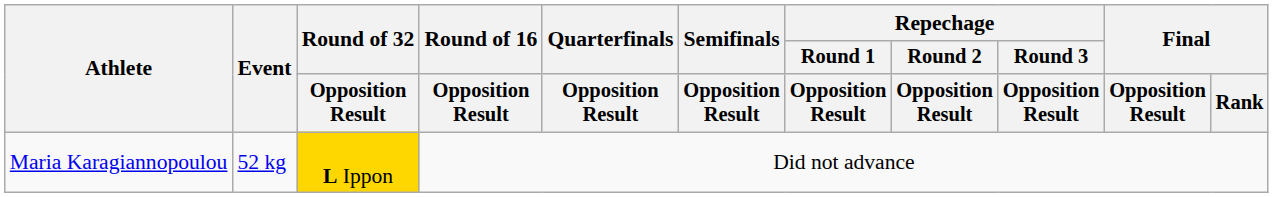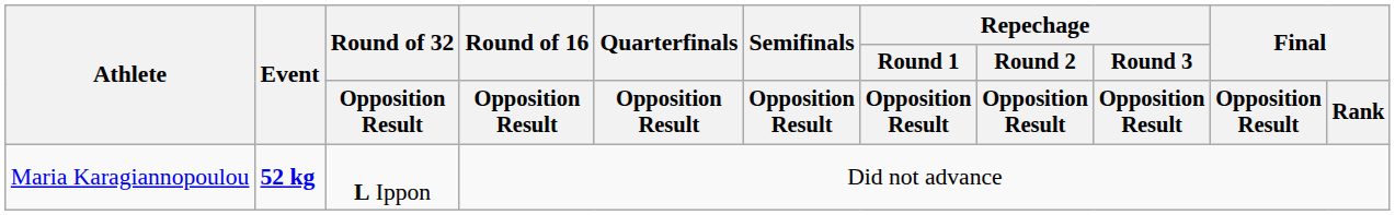 <table class="wikitable" style="font-size:90%">
 <tr>
 <th rowspan="3">Athlete</th>
 <th rowspan="3">Event</th>
 <th rowspan="2">Round of 32</th>
 <th rowspan="2">Round of 16</th>
 <th rowspan="2">Quarterfinals</th>
 <th rowspan="2">Semifinals</th>
 <th colspan=3>Repechage</th>
 <th rowspan="2" colspan=2>Final</th>
 </tr>
 <tr style="font-size:95%">
 <th>Round 1</th>
 <th>Round 2</th>
 <th>Round 3</th>
 </tr>
 <tr style="font-size:95%">
 <th>Opposition<br>Result</th>
 <th>Opposition<br>Result</th>
 <th>Opposition<br>Result</th>
 <th>Opposition<br>Result</th>
 <th>Opposition<br>Result</th>
 <th>Opposition<br>Result</th>
 <th>Opposition<br>Result</th>
 <th>Opposition<br>Result</th>
 <th>Rank</th>
 </tr>
 <tr align=center>
 <td align=left><a href='#'>Maria Karagiannopoulou</a></td>
-<td align=left><a href='#'>52 kg</a></td>
-<td style="background: gold;"><br><strong>L</strong> Ippon</td>
+<td align=left><strong><a href='#'>52 kg</a></strong></td>
+<td><br><strong>L</strong> Ippon</td>
 <td colspan=8>Did not advance</td>
 </tr>
 </table>
